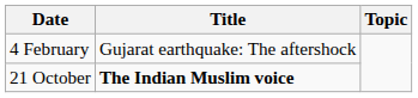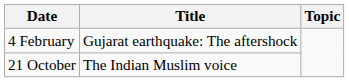 <table class="wikitable">
 <tr>
 <th scope="col">Date</th>
 <th scope="col">Title</th>
 <th scope="col">Topic</th>
 </tr>
 <tr>
 <td>4 February</td>
 <td>Gujarat earthquake: The aftershock</td>
 </tr>
 <tr>
 <td>21 October</td>
-<td><strong>The Indian Muslim voice</strong></td>
+<td>The Indian Muslim voice</td>
 </tr>
 </table>
